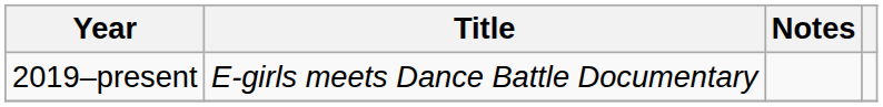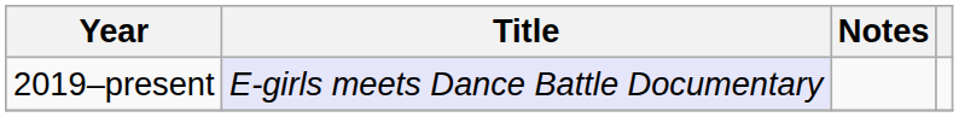 <table class="wikitable">
 <tr>
 <th>Year</th>
 <th>Title</th>
 <th>Notes</th>
 <th></th>
 </tr>
 <tr>
 <td>2019–present</td>
-<td><em>E-girls meets Dance Battle Documentary</em></td>
+<td style="background: lavender;"><em>E-girls meets Dance Battle Documentary</em></td>
 <td></td>
 <td></td>
 </tr>
 <tr>
 </tr>
 </table>
